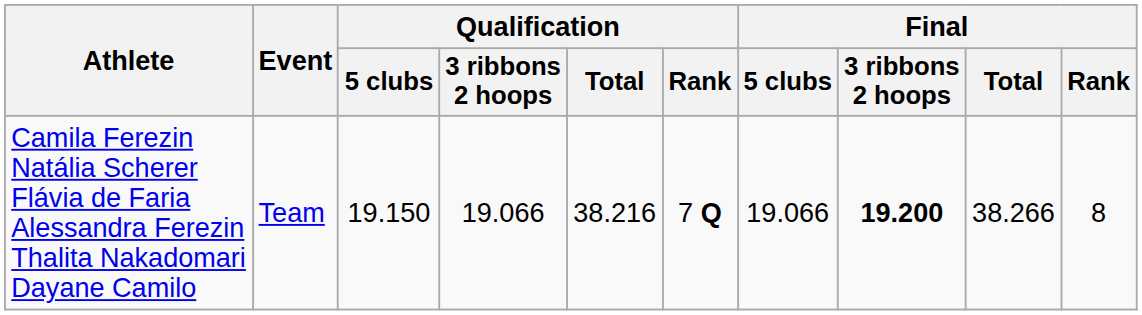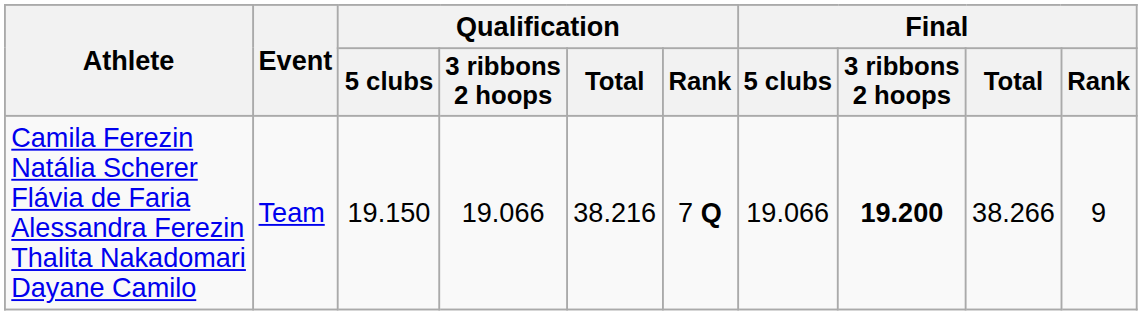 <table class=wikitable style=font-size:90%;text-align:center>
 <tr>
 <th rowspan=2>Athlete</th>
 <th rowspan=2>Event</th>
 <th colspan=4>Qualification</th>
 <th colspan=4>Final</th>
 </tr>
 <tr style=font-size:95%>
 <th>5 clubs</th>
 <th>3 ribbons<br>2 hoops</th>
 <th>Total</th>
 <th>Rank</th>
 <th>5 clubs</th>
 <th>3 ribbons<br>2 hoops</th>
 <th>Total</th>
 <th>Rank</th>
 </tr>
 <tr>
 <td align=left><a href='#'>Camila Ferezin</a><br><a href='#'>Natália Scherer</a><br><a href='#'>Flávia de Faria</a><br><a href='#'>Alessandra Ferezin</a><br><a href='#'>Thalita Nakadomari</a><br><a href='#'>Dayane Camilo</a></td>
 <td align=left><a href='#'>Team</a></td>
 <td>19.150</td>
 <td>19.066</td>
 <td>38.216</td>
 <td>7 <strong>Q</strong></td>
 <td>19.066</td>
 <td><strong>19.200</strong></td>
 <td>38.266</td>
-<td>8</td>
+<td>9</td>
 </tr>
 </table>
